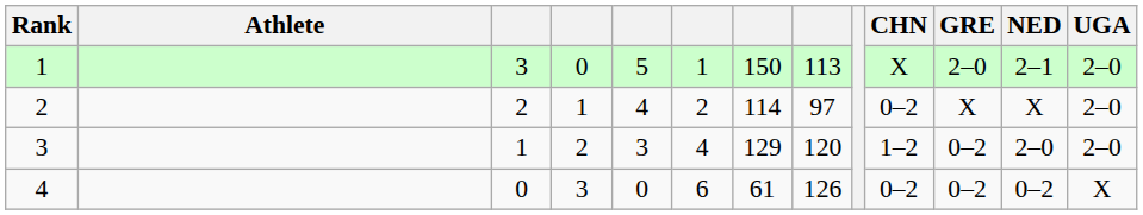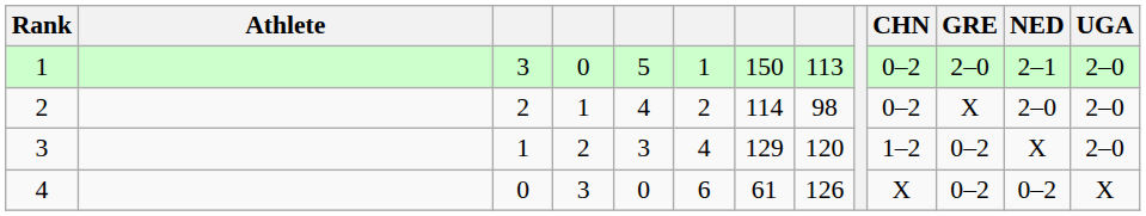 <table class="wikitable" style="text-align:center">
 <tr>
 <th>Rank</th>
 <th width=250>Athlete</th>
 <th width=30></th>
 <th width=30></th>
 <th width=30></th>
 <th width=30></th>
 <th width=30></th>
 <th width=30></th>
 <th rowspan=5></th>
 <th width=30>CHN</th>
 <th width=30>GRE</th>
 <th width=30>NED</th>
 <th width=30>UGA</th>
 </tr>
 <tr style="background-color:#ccffcc;">
 <td>1</td>
 <td align=left></td>
 <td>3</td>
 <td>0</td>
 <td>5</td>
 <td>1</td>
 <td>150</td>
 <td>113</td>
-<td>X</td>
+<td>0–2</td>
 <td>2–0</td>
 <td>2–1</td>
 <td>2–0</td>
 </tr>
 <tr>
 <td>2</td>
 <td align=left></td>
 <td>2</td>
 <td>1</td>
 <td>4</td>
 <td>2</td>
 <td>114</td>
-<td>97</td>
+<td>98</td>
 <td>0–2</td>
 <td>X</td>
-<td>X</td>
+<td>2–0</td>
 <td>2–0</td>
 </tr>
 <tr>
 <td>3</td>
 <td align=left></td>
 <td>1</td>
 <td>2</td>
 <td>3</td>
 <td>4</td>
 <td>129</td>
 <td>120</td>
 <td>1–2</td>
 <td>0–2</td>
-<td>2–0</td>
+<td>X</td>
 <td>2–0</td>
 </tr>
 <tr>
 <td>4</td>
 <td align=left></td>
 <td>0</td>
 <td>3</td>
 <td>0</td>
 <td>6</td>
 <td>61</td>
 <td>126</td>
-<td>0–2</td>
+<td>X</td>
 <td>0–2</td>
 <td>0–2</td>
 <td>X</td>
 </tr>
 </table>
